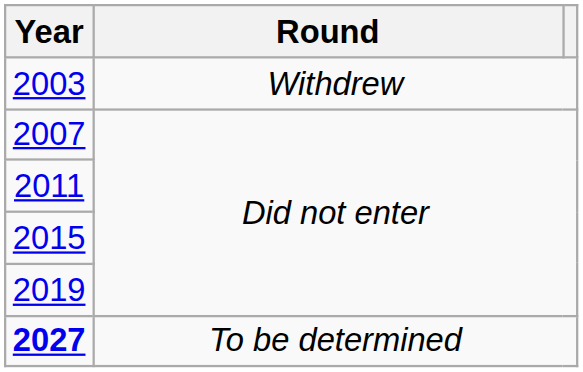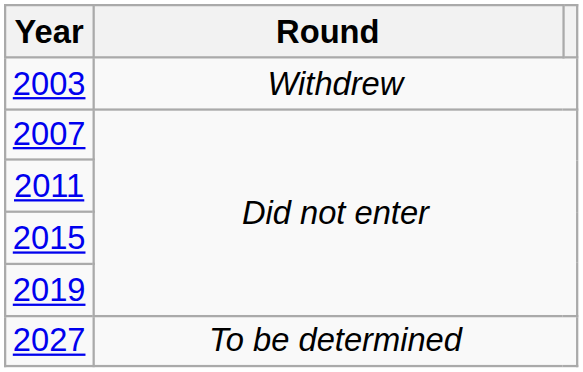 <table class="wikitable" style="text-align: center; font-size:90%">
 <tr>
 <th>Year</th>
 <th style="width:200px">Round</th>
 <th></th>
 </tr>
 <tr>
 <td><a href='#'>2003</a></td>
 <td colspan="2"><em>Withdrew</em></td>
 </tr>
 <tr>
 <td><a href='#'>2007</a></td>
 <td colspan="2" rowspan="4"><em>Did not enter</em></td>
 </tr>
 <tr>
 <td><a href='#'>2011</a></td>
 </tr>
 <tr>
 <td><a href='#'>2015</a></td>
 </tr>
 <tr>
 <td><a href='#'>2019</a></td>
 </tr>
 <tr>
-<td><strong><a href='#'>2027</a></strong></td>
+<td><a href='#'>2027</a></td>
 <td colspan="2"><em>To be determined</em></td>
 </tr>
 </table>
